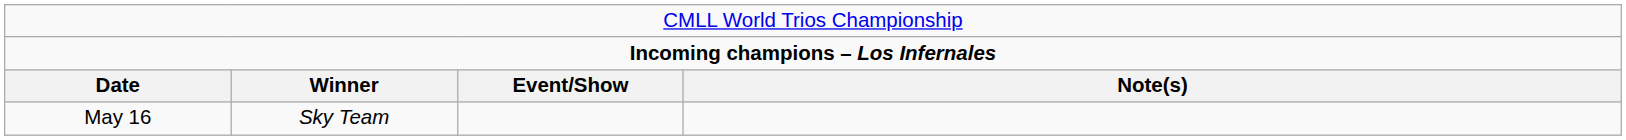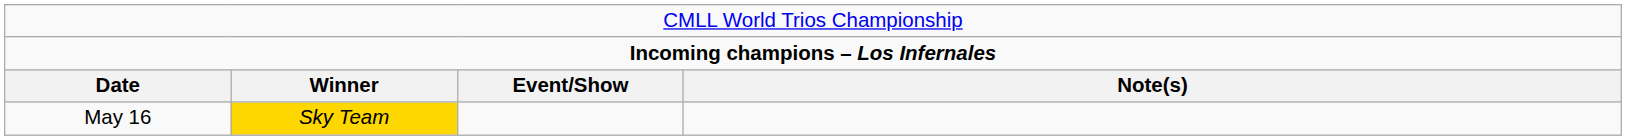 <table class="wikitable" style="text-align:center; width:100%;">
 <tr>
 <td colspan="4" style="text-align: center;"><a href='#'>CMLL World Trios Championship</a></td>
 </tr>
 <tr>
 <td colspan="4" style="text-align: center;"><strong>Incoming champions – <em>Los Infernales</em> </strong></td>
 </tr>
 <tr>
 <th width=14%>Date</th>
 <th width=14%>Winner</th>
 <th width=14%>Event/Show</th>
 <th width=58%>Note(s)</th>
 </tr>
 <tr>
 <td>May 16</td>
-<td><em>Sky Team</em> </td>
+<td style="background: gold;"><em>Sky Team</em> </td>
 <td></td>
 </tr>
 </table>
